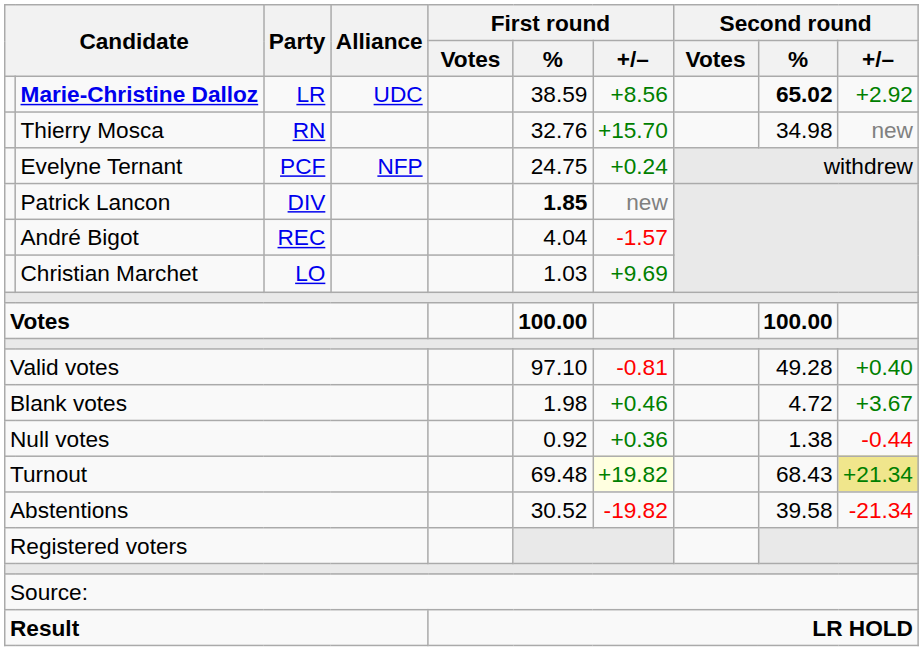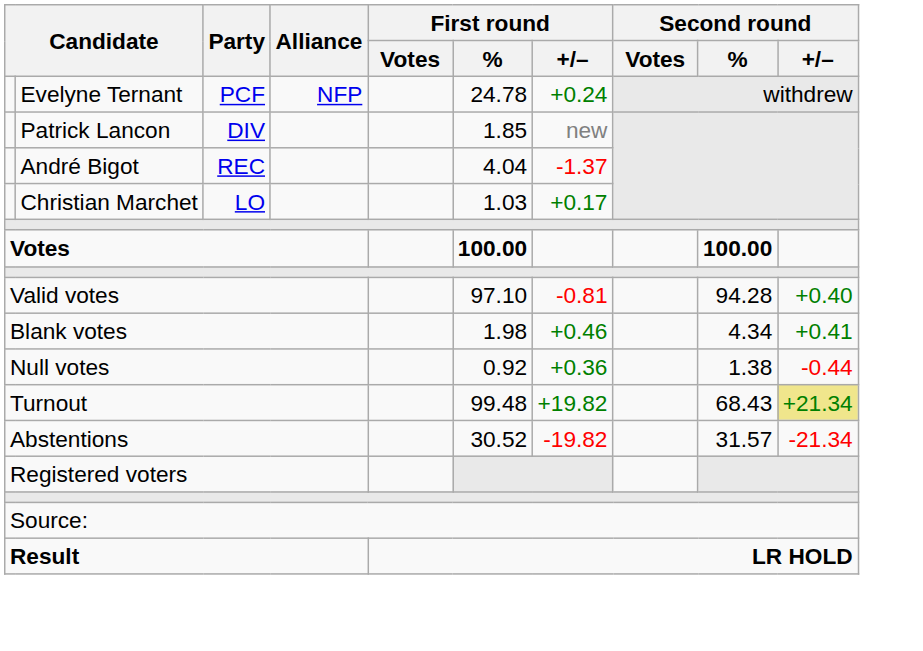 <table class="wikitable" style="text-align:right;font-size:95%;">
 <tr>
 <th rowspan="2" colspan="2">Candidate</th>
 <th colspan="1" rowspan="2">Party</th>
 <th colspan="1" rowspan="2">Alliance</th>
 <th colspan="3">First round</th>
 <th colspan="3">Second round</th>
 </tr>
 <tr>
 <th style="width:50px;">Votes</th>
 <th style="width:45px;">%</th>
 <th style="width:45px;">+/–</th>
 <th style="width:50px;">Votes</th>
 <th style="width:45px;">%</th>
 <th style="width:45px;">+/–</th>
 </tr>
 <tr>
 <td style="color:inherit;background:"></td>
-<td style="text-align:left;"><strong><a href='#'>Marie-Christine Dalloz</a></strong></td>
-<td><a href='#'>LR</a></td>
-<td><a href='#'>UDC</a></td>
-<td></td>
-<td>38.59</td>
-<td style="color:green;">+8.56</td>
-<td><strong></strong></td>
-<td><strong>65.02</strong></td>
-<td style="color:green;">+2.92</td>
-</tr>
-<tr>
-<td style="color:inherit;background:"></td>
-<td style="text-align:left;">Thierry Mosca</td>
-<td><a href='#'>RN</a></td>
-<td></td>
-<td></td>
-<td>32.76</td>
-<td style="color:green;">+15.70</td>
-<td></td>
-<td>34.98</td>
-<td style="color:grey;">new</td>
-</tr>
-<tr>
-<td style="color:inherit;background:"></td>
 <td style="text-align:left;">Evelyne Ternant</td>
 <td><a href='#'>PCF</a></td>
 <td><a href='#'>NFP</a></td>
 <td></td>
-<td>24.75</td>
+<td>24.78</td>
 <td style="color:green;">+0.24</td>
 <td colspan="3" style="background:#E9E9E9;">withdrew</td>
 </tr>
 <tr>
 <td style="color:inherit;background:"></td>
 <td style="text-align:left;">Patrick Lancon</td>
 <td><a href='#'>DIV</a></td>
 <td></td>
 <td></td>
-<td><strong>1.85</strong></td>
+<td>1.85</td>
 <td style="color:grey;">new</td>
 <td colspan="3" rowspan="3" style="background:#E9E9E9;"></td>
 </tr>
 <tr>
 <td style="color:inherit;background:"></td>
 <td style="text-align:left;">André Bigot</td>
 <td><a href='#'>REC</a></td>
 <td></td>
 <td></td>
 <td>4.04</td>
-<td style="color:red;">-1.57</td>
+<td style="color:red;">-1.37</td>
 </tr>
 <tr>
 <td style="color:inherit;background:"></td>
 <td style="text-align:left;">Christian Marchet</td>
 <td><a href='#'>LO</a></td>
 <td></td>
 <td></td>
 <td>1.03</td>
-<td style="color:green;">+9.69</td>
+<td style="color:green;">+0.17</td>
 </tr>
 <tr>
 <td colspan="10" style="background:#E9E9E9;"></td>
 </tr>
 <tr style="font-weight:bold;">
 <td colspan="4" style="text-align:left;">Votes</td>
 <td></td>
 <td>100.00</td>
 <td></td>
 <td></td>
 <td>100.00</td>
 <td></td>
 </tr>
 <tr>
 <td colspan="10" style="background:#E9E9E9;"></td>
 </tr>
 <tr>
 <td colspan="4" style="text-align:left;">Valid votes</td>
 <td></td>
 <td>97.10</td>
 <td style="color:red;">-0.81</td>
 <td></td>
-<td>49.28</td>
+<td>94.28</td>
 <td style="color:green;">+0.40</td>
 </tr>
 <tr>
 <td colspan="4" style="text-align:left;">Blank votes</td>
 <td></td>
 <td>1.98</td>
 <td style="color:green;">+0.46</td>
 <td></td>
-<td>4.72</td>
-<td style="color:green;">+3.67</td>
+<td>4.34</td>
+<td style="color:green;">+0.41</td>
 </tr>
 <tr>
 <td colspan="4" style="text-align:left;">Null votes</td>
 <td></td>
 <td>0.92</td>
 <td style="color:green;">+0.36</td>
 <td></td>
 <td>1.38</td>
 <td style="color:red;">-0.44</td>
 </tr>
 <tr>
 <td colspan="4" style="text-align:left;">Turnout</td>
 <td></td>
-<td>69.48</td>
-<td style="background: lightyellow; color:green;">+19.82</td>
+<td>99.48</td>
+<td style="color:green;">+19.82</td>
 <td></td>
 <td>68.43</td>
 <td style="background: khaki; color:green;">+21.34</td>
 </tr>
 <tr>
 <td colspan="4" style="text-align:left;">Abstentions</td>
 <td></td>
 <td>30.52</td>
 <td style="color:red;">-19.82</td>
 <td></td>
-<td>39.58</td>
+<td>31.57</td>
 <td style="color:red;">-21.34</td>
 </tr>
 <tr>
 <td colspan="4" style="text-align:left;">Registered voters</td>
 <td></td>
 <td colspan="2" style="background:#E9E9E9;"></td>
 <td></td>
 <td colspan="2" style="background:#E9E9E9;"></td>
 </tr>
 <tr>
 <td colspan="10" style="background:#E9E9E9;"></td>
 </tr>
 <tr>
 <td colspan="10" style="text-align:left;">Source: </td>
 </tr>
 <tr style="font-weight:bold">
 <td colspan="4" style="text-align:left;">Result</td>
 <td colspan="6" style="background-color:">LR HOLD</td>
 </tr>
 </table>
